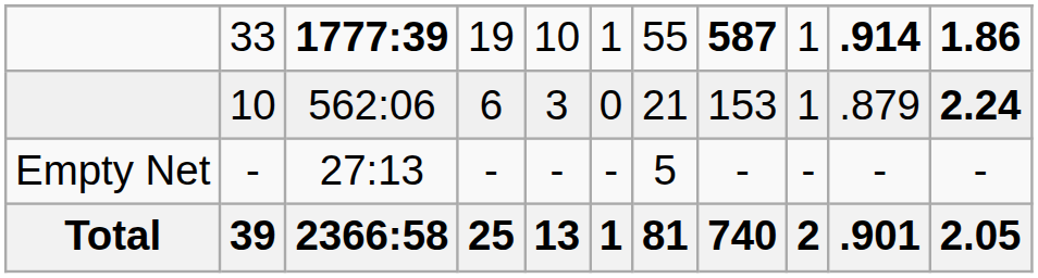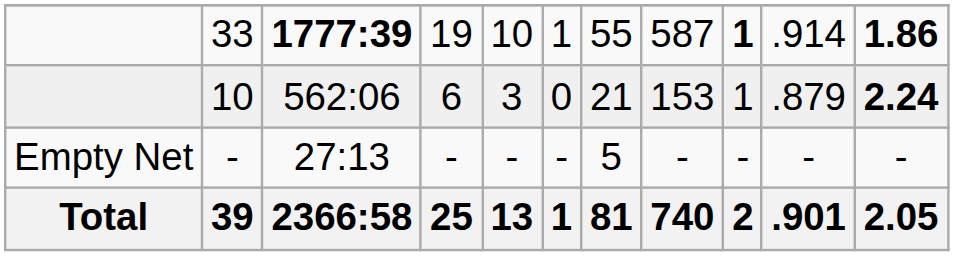 <table class="wikitable sortable">
 <tr align="center">
 </tr>
 <tr align="center" bgcolor="">
 <td></td>
 <td>33</td>
 <td><strong>1777:39</strong></td>
 <td>19</td>
 <td>10</td>
 <td>1</td>
 <td>55</td>
-<td><strong>587</strong></td>
-<td>1</td>
-<td><strong>.914</strong></td>
+<td>587</td>
+<td><strong>1</strong></td>
+<td>.914</td>
 <td><strong>1.86</strong></td>
 </tr>
 <tr align="center" bgcolor="f0f0f0">
 <td></td>
 <td>10</td>
 <td>562:06</td>
 <td>6</td>
 <td>3</td>
 <td>0</td>
 <td>21</td>
 <td>153</td>
 <td>1</td>
 <td>.879</td>
 <td><strong>2.24</strong></td>
 </tr>
 <tr align="center" bgcolor="">
 <td>Empty Net</td>
 <td>-</td>
 <td>27:13</td>
 <td>-</td>
 <td>-</td>
 <td>-</td>
 <td>5</td>
 <td>-</td>
 <td>-</td>
 <td>-</td>
 <td>-</td>
 </tr>
 <tr>
 <th>Total</th>
 <th>39</th>
 <th>2366:58</th>
 <th>25</th>
 <th>13</th>
 <th>1</th>
 <th>81</th>
 <th>740</th>
 <th>2</th>
 <th>.901</th>
 <th>2.05</th>
 </tr>
 </table>
